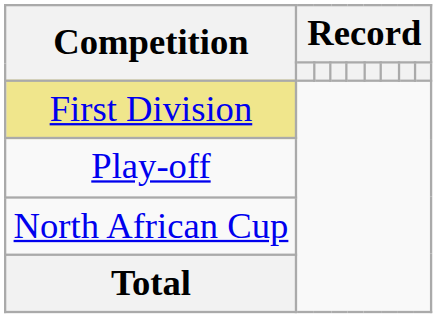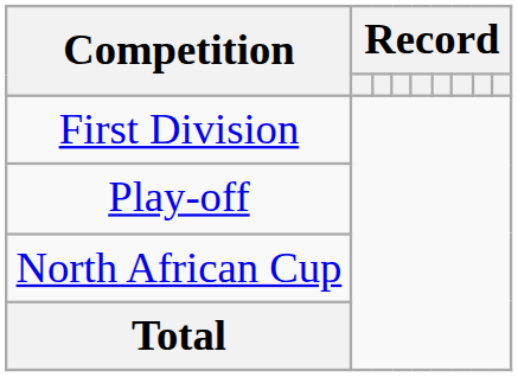 <table class="wikitable" style="text-align: center">
 <tr>
 <th rowspan=2>Competition</th>
 <th colspan=8>Record</th>
 </tr>
 <tr>
 <th></th>
 <th></th>
 <th></th>
 <th></th>
 <th></th>
 <th></th>
 <th></th>
 <th></th>
 </tr>
 <tr>
-<td style="background: khaki;"><a href='#'>First Division</a><br></td>
+<td><a href='#'>First Division</a><br></td>
 </tr>
 <tr>
 <td><a href='#'>Play-off</a><br></td>
 </tr>
 <tr>
 <td><a href='#'>North African Cup</a><br></td>
 </tr>
 <tr>
 <th>Total<br></th>
 </tr>
 </table>
